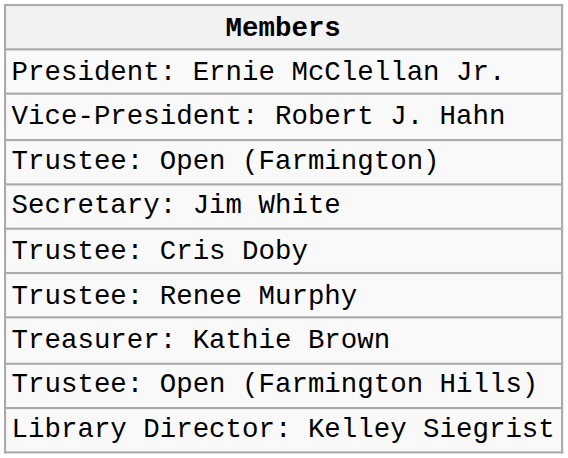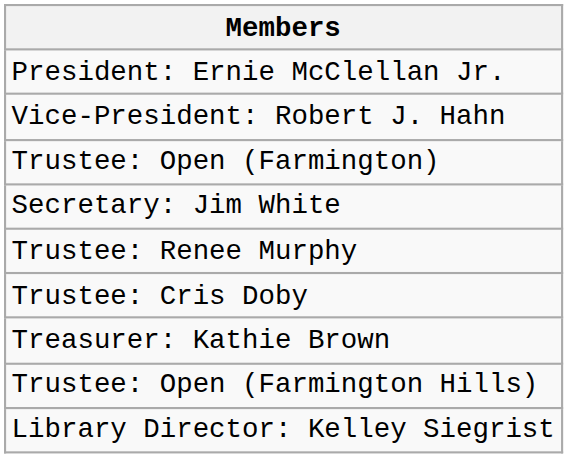 <table class="wikitable">
 <tr>
 <th>Members</th>
 </tr>
 <tr>
 <td>President: Ernie McClellan Jr.</td>
 </tr>
 <tr>
 <td>Vice-President: Robert J. Hahn</td>
 </tr>
 <tr>
 <td>Trustee: Open (Farmington)</td>
 </tr>
 <tr>
 <td>Secretary: Jim White</td>
 </tr>
 <tr>
-<td>Trustee: Cris Doby</td>
+<td>Trustee: Renee Murphy</td>
 </tr>
 <tr>
-<td>Trustee: Renee Murphy</td>
+<td>Trustee: Cris Doby</td>
 </tr>
 <tr>
 <td>Treasurer: Kathie Brown</td>
 </tr>
 <tr>
 <td>Trustee: Open (Farmington Hills)</td>
 </tr>
 <tr>
 <td>Library Director: Kelley Siegrist</td>
 </tr>
 </table>
